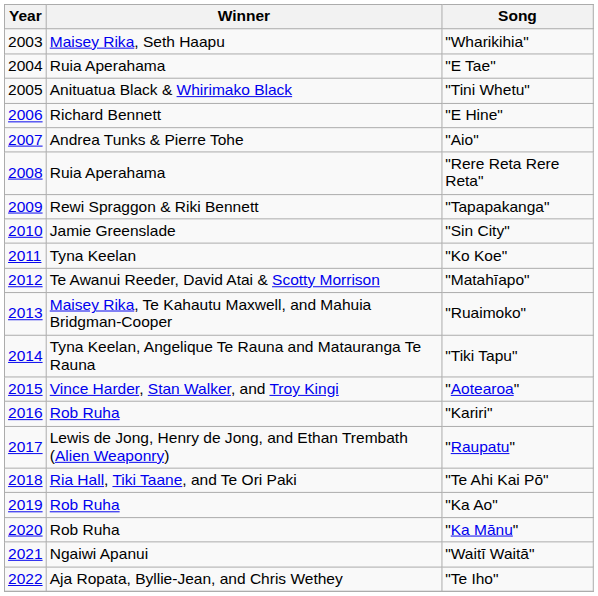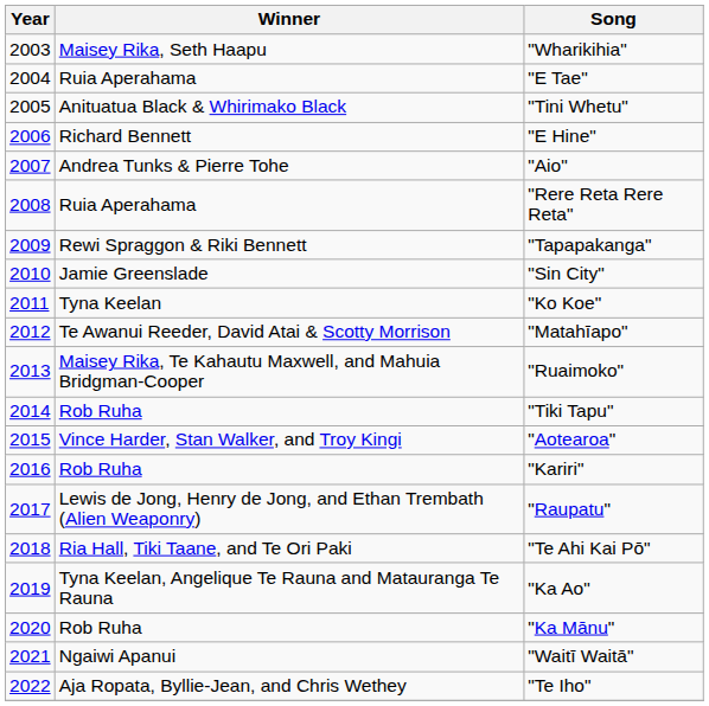 <table class="wikitable sortable">
 <tr>
 <th>Year</th>
 <th>Winner</th>
 <th>Song</th>
 </tr>
 <tr>
 <td>2003</td>
 <td><a href='#'>Maisey Rika</a>, Seth Haapu</td>
 <td>"Wharikihia"</td>
 </tr>
 <tr>
 <td>2004</td>
 <td>Ruia Aperahama</td>
 <td>"E Tae"</td>
 </tr>
 <tr>
 <td>2005</td>
 <td>Anituatua Black & <a href='#'>Whirimako Black</a></td>
 <td>"Tini Whetu"</td>
 </tr>
 <tr>
 <td><a href='#'>2006</a></td>
 <td>Richard Bennett</td>
 <td>"E Hine"</td>
 </tr>
 <tr>
 <td><a href='#'>2007</a></td>
 <td>Andrea Tunks & Pierre Tohe</td>
 <td>"Aio"</td>
 </tr>
 <tr>
 <td><a href='#'>2008</a></td>
 <td>Ruia Aperahama</td>
 <td>"Rere Reta Rere Reta"</td>
 </tr>
 <tr>
 <td><a href='#'>2009</a></td>
 <td>Rewi Spraggon & Riki Bennett</td>
 <td>"Tapapakanga"</td>
 </tr>
 <tr>
 <td><a href='#'>2010</a></td>
 <td>Jamie Greenslade</td>
 <td>"Sin City"</td>
 </tr>
 <tr>
 <td><a href='#'>2011</a></td>
 <td>Tyna Keelan</td>
 <td>"Ko Koe"</td>
 </tr>
 <tr>
 <td><a href='#'>2012</a></td>
 <td>Te Awanui Reeder, David Atai & <a href='#'>Scotty Morrison</a></td>
 <td>"Matahīapo"</td>
 </tr>
 <tr>
 <td><a href='#'>2013</a></td>
 <td><a href='#'>Maisey Rika</a>, Te Kahautu Maxwell, and Mahuia Bridgman-Cooper</td>
 <td>"Ruaimoko"</td>
 </tr>
 <tr>
 <td><a href='#'>2014</a></td>
-<td>Tyna Keelan, Angelique Te Rauna and Matauranga Te Rauna</td>
+<td><a href='#'>Rob Ruha</a></td>
 <td>"Tiki Tapu"</td>
 </tr>
 <tr>
 <td><a href='#'>2015</a></td>
 <td><a href='#'>Vince Harder</a>, <a href='#'>Stan Walker</a>, and <a href='#'>Troy Kingi</a></td>
 <td>"<a href='#'>Aotearoa</a>"</td>
 </tr>
 <tr>
 <td><a href='#'>2016</a></td>
 <td><a href='#'>Rob Ruha</a></td>
 <td>"Kariri"</td>
 </tr>
 <tr>
 <td><a href='#'>2017</a></td>
 <td>Lewis de Jong, Henry de Jong, and Ethan Trembath (<a href='#'>Alien Weaponry</a>)</td>
 <td>"<a href='#'>Raupatu</a>"</td>
 </tr>
 <tr>
 <td><a href='#'>2018</a></td>
 <td><a href='#'>Ria Hall</a>, <a href='#'>Tiki Taane</a>, and Te Ori Paki</td>
 <td>"Te Ahi Kai Pō"</td>
 </tr>
 <tr>
 <td><a href='#'>2019</a></td>
-<td><a href='#'>Rob Ruha</a></td>
+<td>Tyna Keelan, Angelique Te Rauna and Matauranga Te Rauna</td>
 <td>"Ka Ao"</td>
 </tr>
 <tr>
 <td><a href='#'>2020</a></td>
 <td>Rob Ruha</td>
 <td>"<a href='#'>Ka Mānu</a>"</td>
 </tr>
 <tr>
 <td><a href='#'>2021</a></td>
 <td>Ngaiwi Apanui</td>
 <td>"Waitī Waitā"</td>
 </tr>
 <tr>
 <td><a href='#'>2022</a></td>
 <td>Aja Ropata, Byllie-Jean, and Chris Wethey</td>
 <td>"Te Iho"</td>
 </tr>
 <tr>
 </tr>
 </table>
